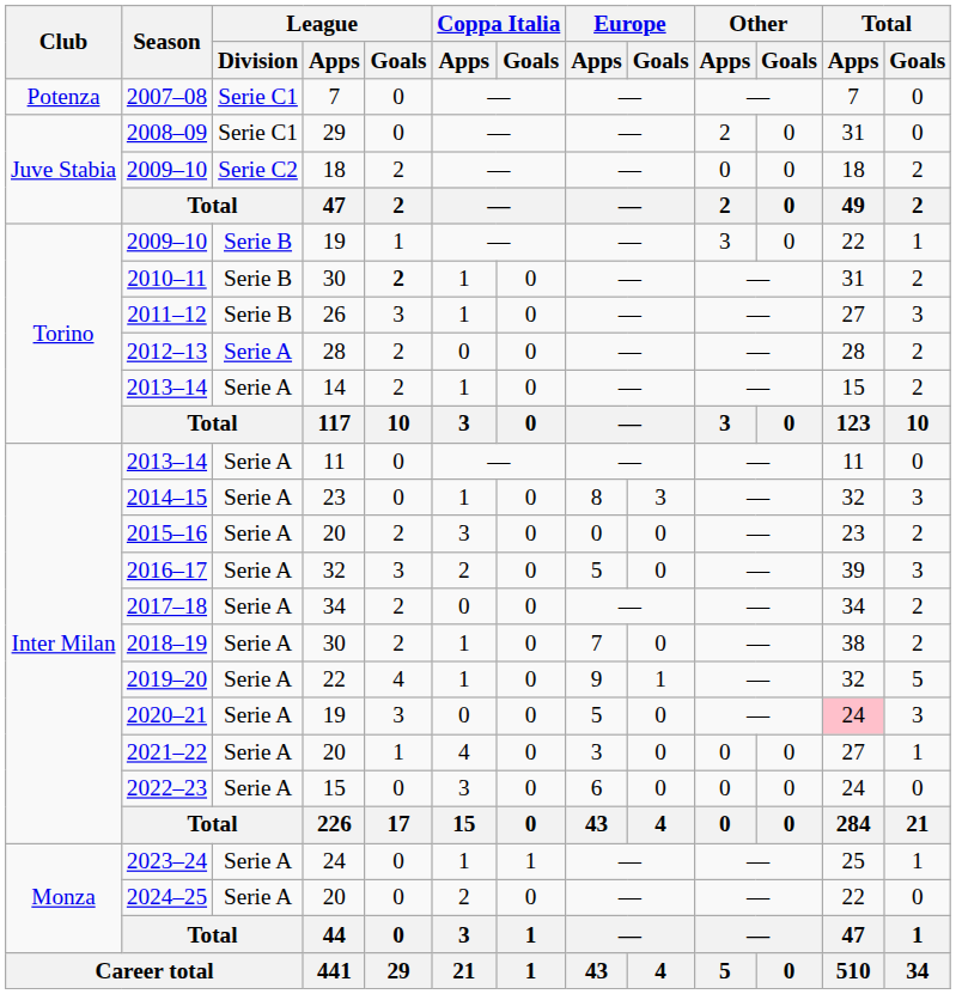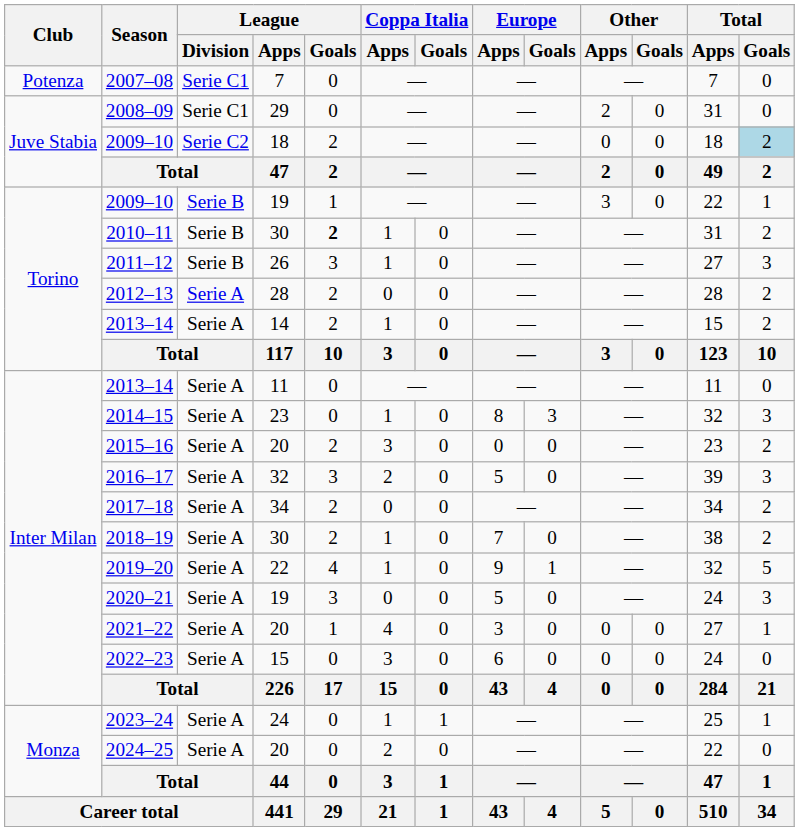 <table class="wikitable" style="text-align: center;">
 <tr>
 <th rowspan="2">Club</th>
 <th rowspan="2">Season</th>
 <th colspan="3">League</th>
 <th colspan="2"><a href='#'>Coppa Italia</a></th>
 <th colspan="2"><a href='#'>Europe</a></th>
 <th colspan="2">Other</th>
 <th colspan="2">Total</th>
 </tr>
 <tr>
 <th>Division</th>
 <th>Apps</th>
 <th>Goals</th>
 <th>Apps</th>
 <th>Goals</th>
 <th>Apps</th>
 <th>Goals</th>
 <th>Apps</th>
 <th>Goals</th>
 <th>Apps</th>
 <th>Goals</th>
 </tr>
 <tr>
 <td><a href='#'>Potenza</a></td>
 <td><a href='#'>2007–08</a></td>
 <td><a href='#'>Serie C1</a></td>
 <td>7</td>
 <td>0</td>
 <td colspan="2">—</td>
 <td colspan="2">—</td>
 <td colspan="2">—</td>
 <td>7</td>
 <td>0</td>
 </tr>
 <tr>
 <td rowspan="3"><a href='#'>Juve Stabia</a></td>
 <td><a href='#'>2008–09</a></td>
 <td>Serie C1</td>
 <td>29</td>
 <td>0</td>
 <td colspan="2">—</td>
 <td colspan="2">—</td>
 <td>2</td>
 <td>0</td>
 <td>31</td>
 <td>0</td>
 </tr>
 <tr>
 <td><a href='#'>2009–10</a></td>
 <td><a href='#'>Serie C2</a></td>
 <td>18</td>
 <td>2</td>
 <td colspan="2">—</td>
 <td colspan="2">—</td>
 <td>0</td>
 <td>0</td>
 <td>18</td>
-<td>2</td>
+<td style="background: lightblue;">2</td>
 </tr>
 <tr>
 <th colspan="2">Total</th>
 <th>47</th>
 <th>2</th>
 <th colspan="2">—</th>
 <th colspan="2">—</th>
 <th>2</th>
 <th>0</th>
 <th>49</th>
 <th>2</th>
 </tr>
 <tr>
 <td rowspan="6" valign="center"><a href='#'>Torino</a></td>
 <td><a href='#'>2009–10</a></td>
 <td><a href='#'>Serie B</a></td>
 <td>19</td>
 <td>1</td>
 <td colspan="2">—</td>
 <td colspan="2">—</td>
 <td>3</td>
 <td>0</td>
 <td>22</td>
 <td>1</td>
 </tr>
 <tr>
 <td><a href='#'>2010–11</a></td>
 <td>Serie B</td>
 <td>30</td>
 <td><strong>2</strong></td>
 <td>1</td>
 <td>0</td>
 <td colspan="2">—</td>
 <td colspan="2">—</td>
 <td>31</td>
 <td>2</td>
 </tr>
 <tr>
 <td><a href='#'>2011–12</a></td>
 <td>Serie B</td>
 <td>26</td>
 <td>3</td>
 <td>1</td>
 <td>0</td>
 <td colspan="2">—</td>
 <td colspan="2">—</td>
 <td>27</td>
 <td>3</td>
 </tr>
 <tr>
 <td><a href='#'>2012–13</a></td>
 <td><a href='#'>Serie A</a></td>
 <td>28</td>
 <td>2</td>
 <td>0</td>
 <td>0</td>
 <td colspan="2">—</td>
 <td colspan="2">—</td>
 <td>28</td>
 <td>2</td>
 </tr>
 <tr>
 <td><a href='#'>2013–14</a></td>
 <td>Serie A</td>
 <td>14</td>
 <td>2</td>
 <td>1</td>
 <td>0</td>
 <td colspan="2">—</td>
 <td colspan="2">—</td>
 <td>15</td>
 <td>2</td>
 </tr>
 <tr>
 <th colspan="2">Total</th>
 <th>117</th>
 <th>10</th>
 <th>3</th>
 <th>0</th>
 <th colspan="2">—</th>
 <th>3</th>
 <th>0</th>
 <th>123</th>
 <th>10</th>
 </tr>
 <tr>
 <td rowspan="11" valign="center"><a href='#'>Inter Milan</a></td>
 <td><a href='#'>2013–14</a></td>
 <td>Serie A</td>
 <td>11</td>
 <td>0</td>
 <td colspan="2">—</td>
 <td colspan="2">—</td>
 <td colspan="2">—</td>
 <td>11</td>
 <td>0</td>
 </tr>
 <tr>
 <td><a href='#'>2014–15</a></td>
 <td>Serie A</td>
 <td>23</td>
 <td>0</td>
 <td>1</td>
 <td>0</td>
 <td>8</td>
 <td>3</td>
 <td colspan="2">—</td>
 <td>32</td>
 <td>3</td>
 </tr>
 <tr>
 <td><a href='#'>2015–16</a></td>
 <td>Serie A</td>
 <td>20</td>
 <td>2</td>
 <td>3</td>
 <td>0</td>
 <td>0</td>
 <td>0</td>
 <td colspan="2">—</td>
 <td>23</td>
 <td>2</td>
 </tr>
 <tr>
 <td><a href='#'>2016–17</a></td>
 <td>Serie A</td>
 <td>32</td>
 <td>3</td>
 <td>2</td>
 <td>0</td>
 <td>5</td>
 <td>0</td>
 <td colspan="2">—</td>
 <td>39</td>
 <td>3</td>
 </tr>
 <tr>
 <td><a href='#'>2017–18</a></td>
 <td>Serie A</td>
 <td>34</td>
 <td>2</td>
 <td>0</td>
 <td>0</td>
 <td colspan="2">—</td>
 <td colspan="2">—</td>
 <td>34</td>
 <td>2</td>
 </tr>
 <tr>
 <td><a href='#'>2018–19</a></td>
 <td>Serie A</td>
 <td>30</td>
 <td>2</td>
 <td>1</td>
 <td>0</td>
 <td>7</td>
 <td>0</td>
 <td colspan="2">—</td>
 <td>38</td>
 <td>2</td>
 </tr>
 <tr>
 <td><a href='#'>2019–20</a></td>
 <td>Serie A</td>
 <td>22</td>
 <td>4</td>
 <td>1</td>
 <td>0</td>
 <td>9</td>
 <td>1</td>
 <td colspan="2">—</td>
 <td>32</td>
 <td>5</td>
 </tr>
 <tr>
 <td><a href='#'>2020–21</a></td>
 <td>Serie A</td>
 <td>19</td>
 <td>3</td>
 <td>0</td>
 <td>0</td>
 <td>5</td>
 <td>0</td>
 <td colspan="2">—</td>
-<td style="background: pink;">24</td>
+<td>24</td>
 <td>3</td>
 </tr>
 <tr>
 <td><a href='#'>2021–22</a></td>
 <td>Serie A</td>
 <td>20</td>
 <td>1</td>
 <td>4</td>
 <td>0</td>
 <td>3</td>
 <td>0</td>
 <td>0</td>
 <td>0</td>
 <td>27</td>
 <td>1</td>
 </tr>
 <tr>
 <td><a href='#'>2022–23</a></td>
 <td>Serie A</td>
 <td>15</td>
 <td>0</td>
 <td>3</td>
 <td>0</td>
 <td>6</td>
 <td>0</td>
 <td>0</td>
 <td>0</td>
 <td>24</td>
 <td>0</td>
 </tr>
 <tr>
 <th colspan="2">Total</th>
 <th>226</th>
 <th>17</th>
 <th>15</th>
 <th>0</th>
 <th>43</th>
 <th>4</th>
 <th>0</th>
 <th>0</th>
 <th>284</th>
 <th>21</th>
 </tr>
 <tr>
 <td rowspan="3"><a href='#'>Monza</a></td>
 <td><a href='#'>2023–24</a></td>
 <td>Serie A</td>
 <td>24</td>
 <td>0</td>
 <td>1</td>
 <td>1</td>
 <td colspan="2">—</td>
 <td colspan="2">—</td>
 <td>25</td>
 <td>1</td>
 </tr>
 <tr>
 <td><a href='#'>2024–25</a></td>
 <td>Serie A</td>
 <td>20</td>
 <td>0</td>
 <td>2</td>
 <td>0</td>
 <td colspan="2">—</td>
 <td colspan="2">—</td>
 <td>22</td>
 <td>0</td>
 </tr>
 <tr>
 <th colspan="2">Total</th>
 <th>44</th>
 <th>0</th>
 <th>3</th>
 <th>1</th>
 <th colspan="2">—</th>
 <th colspan="2">—</th>
 <th>47</th>
 <th>1</th>
 </tr>
 <tr>
 <th colspan="3">Career total</th>
 <th>441</th>
 <th>29</th>
 <th>21</th>
 <th>1</th>
 <th>43</th>
 <th>4</th>
 <th>5</th>
 <th>0</th>
 <th>510</th>
 <th>34</th>
 </tr>
 </table>
